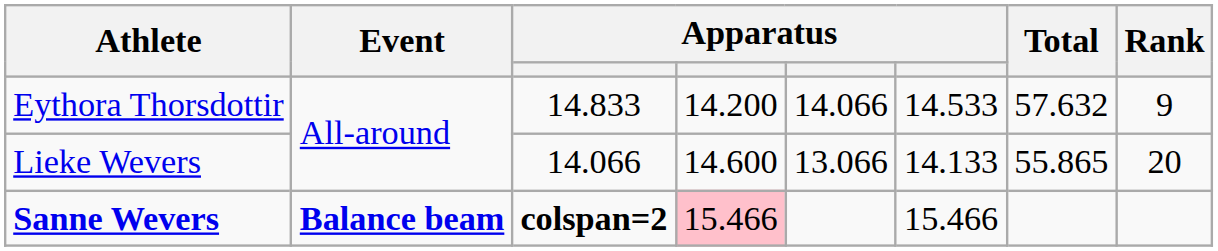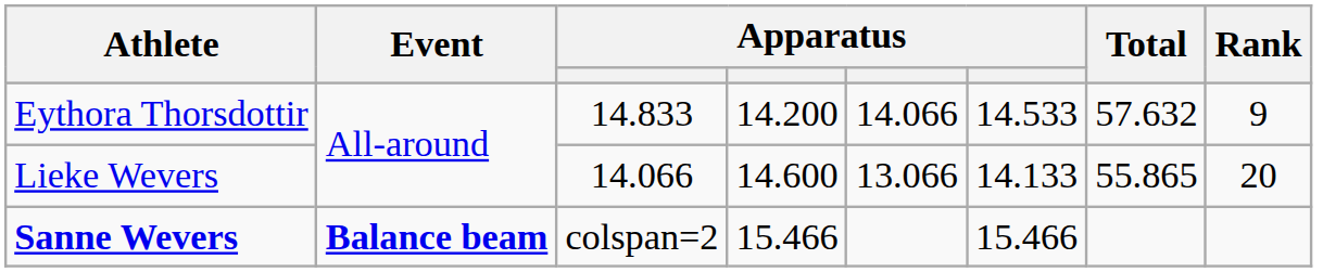 <table class="wikitable" style="font-size:90%">
 <tr>
 <th rowspan=2>Athlete</th>
 <th rowspan=2>Event</th>
 <th colspan=4>Apparatus</th>
 <th rowspan=2>Total</th>
 <th rowspan=2>Rank</th>
 </tr>
 <tr style="font-size:95%">
 <th></th>
 <th></th>
 <th></th>
 <th></th>
 </tr>
 <tr align=center>
 <td align=left><a href='#'>Eythora Thorsdottir</a></td>
 <td align=left rowspan=2><a href='#'>All-around</a></td>
 <td>14.833</td>
 <td>14.200</td>
 <td>14.066</td>
 <td>14.533</td>
 <td>57.632</td>
 <td>9</td>
 </tr>
 <tr align=center>
 <td align=left><a href='#'>Lieke Wevers</a></td>
 <td>14.066</td>
 <td>14.600</td>
 <td>13.066</td>
 <td>14.133</td>
 <td>55.865</td>
 <td>20</td>
 </tr>
 <tr align=center>
 <td align=left><strong><a href='#'>Sanne Wevers</a></strong></td>
 <td align=left><strong><a href='#'>Balance beam</a></strong></td>
-<td><strong>colspan=2 </strong></td>
-<td style="background: pink;">15.466</td>
+<td>colspan=2 </td>
+<td>15.466</td>
 <td></td>
 <td>15.466</td>
 <td></td>
 </tr>
 </table>
